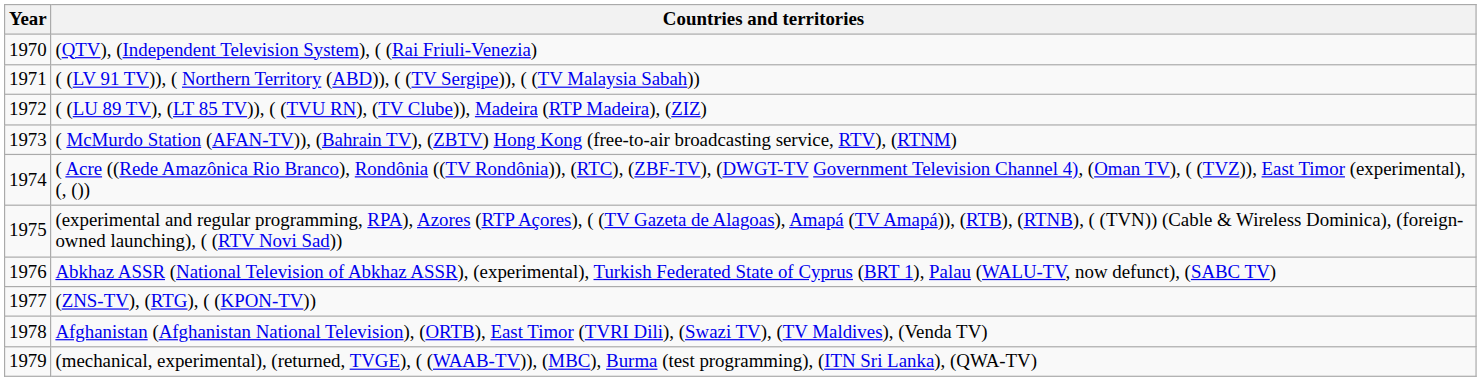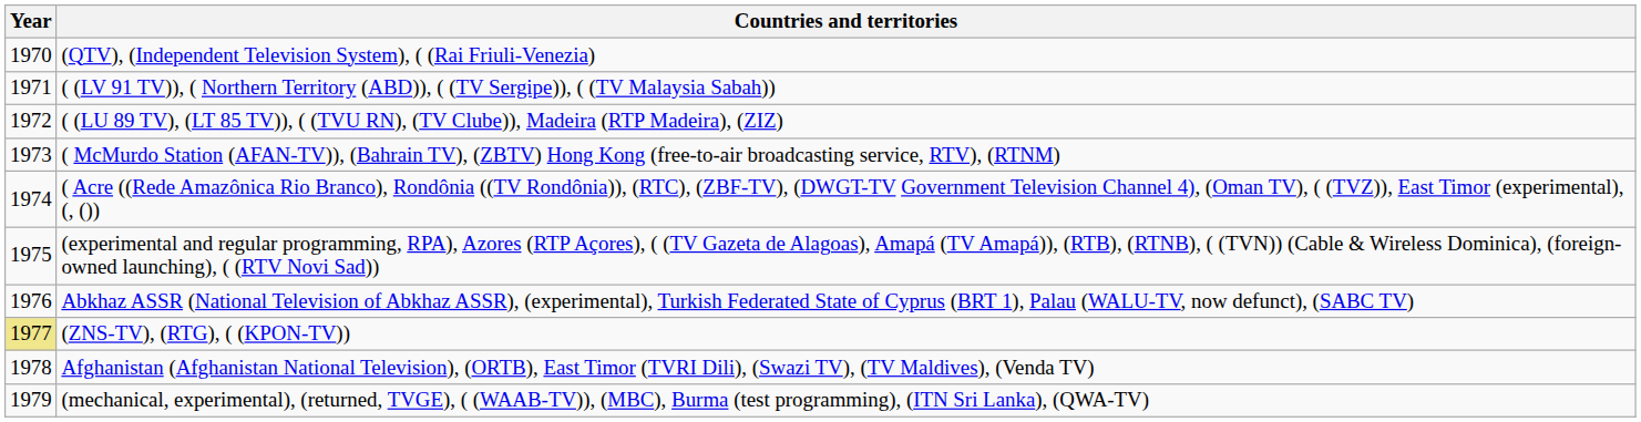 <table class="wikitable">
 <tr>
 <th>Year</th>
 <th>Countries and territories</th>
 </tr>
 <tr>
 <td>1970</td>
 <td> (<a href='#'>QTV</a>),  (<a href='#'>Independent Television System</a>),  ( (<a href='#'>Rai Friuli-Venezia</a>)</td>
 </tr>
 <tr>
 <td>1971</td>
 <td> ( (<a href='#'>LV 91 TV</a>)),  ( <a href='#'>Northern Territory</a> (<a href='#'>ABD</a>)),  ( (<a href='#'>TV Sergipe</a>)),  ( (<a href='#'>TV Malaysia Sabah</a>))</td>
 </tr>
 <tr>
 <td>1972</td>
 <td> ( (<a href='#'>LU 89 TV</a>),  (<a href='#'>LT 85 TV</a>)),  ( (<a href='#'>TVU RN</a>),  (<a href='#'>TV Clube</a>)),  <a href='#'>Madeira</a> (<a href='#'>RTP Madeira</a>),  (<a href='#'>ZIZ</a>)</td>
 </tr>
 <tr>
 <td>1973</td>
 <td> ( <a href='#'>McMurdo Station</a> (<a href='#'>AFAN-TV</a>)),  (<a href='#'>Bahrain TV</a>),  (<a href='#'>ZBTV</a>)  <a href='#'>Hong Kong</a> (free-to-air broadcasting service, <a href='#'>RTV</a>),  (<a href='#'>RTNM</a>)</td>
 </tr>
 <tr>
 <td>1974</td>
 <td> ( <a href='#'>Acre</a> ((<a href='#'>Rede Amazônica Rio Branco</a>),  <a href='#'>Rondônia</a> ((<a href='#'>TV Rondônia</a>)),  (<a href='#'>RTC</a>),  (<a href='#'>ZBF-TV</a>),  (<a href='#'>DWGT-TV</a> <a href='#'>Government Television Channel 4)</a>,  (<a href='#'>Oman TV</a>),  ( (<a href='#'>TVZ</a>)),  <a href='#'>East Timor</a> (experimental),  (, ())</td>
 </tr>
 <tr>
 <td>1975</td>
 <td> (experimental and regular programming, <a href='#'>RPA</a>),  <a href='#'>Azores</a> (<a href='#'>RTP Açores</a>),  ( (<a href='#'>TV Gazeta de Alagoas</a>),  <a href='#'>Amapá</a> (<a href='#'>TV Amapá</a>)),  (<a href='#'>RTB</a>),  (<a href='#'>RTNB</a>),  ( (TVN))  (Cable & Wireless Dominica),  (foreign-owned launching),  ( (<a href='#'>RTV Novi Sad</a>))</td>
 </tr>
 <tr>
 <td>1976</td>
 <td> <a href='#'>Abkhaz ASSR</a> (<a href='#'>National Television of Abkhaz ASSR</a>),  (experimental),  <a href='#'>Turkish Federated State of Cyprus</a> (<a href='#'>BRT 1</a>),  <a href='#'>Palau</a> (<a href='#'>WALU-TV</a>, now defunct),  (<a href='#'>SABC TV</a>)</td>
 </tr>
 <tr>
-<td>1977</td>
+<td style="background: khaki;">1977</td>
 <td> (<a href='#'>ZNS-TV</a>),  (<a href='#'>RTG</a>),  ( (<a href='#'>KPON-TV</a>))</td>
 </tr>
 <tr>
 <td>1978</td>
 <td> <a href='#'>Afghanistan</a> (<a href='#'>Afghanistan National Television</a>),  (<a href='#'>ORTB</a>),  <a href='#'>East Timor</a> (<a href='#'>TVRI Dili</a>),  (<a href='#'>Swazi TV</a>),  (<a href='#'>TV Maldives</a>),  (Venda TV)</td>
 </tr>
 <tr>
 <td>1979</td>
 <td> (mechanical, experimental),  (returned, <a href='#'>TVGE</a>),  ( (<a href='#'>WAAB-TV</a>)),  (<a href='#'>MBC</a>),  <a href='#'>Burma</a> (test programming),  (<a href='#'>ITN Sri Lanka</a>),  (QWA-TV)</td>
 </tr>
 </table>
